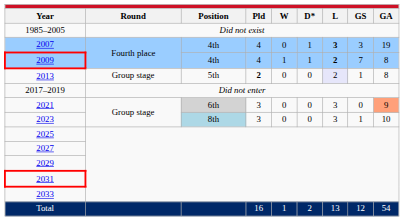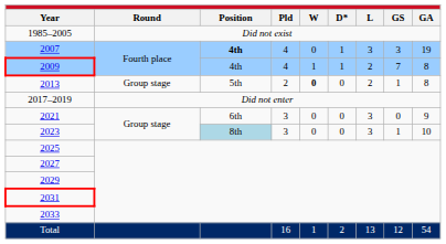 <table class="wikitable" style="text-align: center;font-size:90%;">
 <tr>
 <th colspan="9" style="background: #CE1126; color: #FFFFFF;"><a href='#'></a></th>
 </tr>
 <tr>
 <th width=125>Year</th>
 <th width=150>Round</th>
 <th width=100>Position</th>
 <th width=35>Pld</th>
 <th width=35>W</th>
 <th width=35>D*</th>
 <th width=35>L</th>
 <th width=35>GS</th>
 <th width=35>GA</th>
 </tr>
 <tr>
 <td>1985–2005</td>
 <td colspan="8"><em>Did not exist</em></td>
 </tr>
 <tr style="background:#9acdff;">
 <td> <a href='#'>2007</a></td>
 <td rowspan=2>Fourth place</td>
-<td>4th</td>
+<td><strong>4th</strong></td>
 <td>4</td>
 <td>0</td>
 <td>1</td>
-<td><strong>3</strong></td>
+<td>3</td>
 <td>3</td>
 <td>19</td>
 </tr>
 <tr style="background:#9acdff;">
 <td style="border:3px solid red;"> <a href='#'>2009</a></td>
 <td>4th</td>
 <td>4</td>
 <td>1</td>
 <td>1</td>
-<td><strong>2</strong></td>
+<td>2</td>
 <td>7</td>
 <td>8</td>
 </tr>
 <tr>
 <td> <a href='#'>2013</a></td>
 <td>Group stage</td>
 <td>5th</td>
-<td><strong>2</strong></td>
+<td>2</td>
+<td><strong>0</strong></td>
 <td>0</td>
-<td>0</td>
-<td style="background: lavender;">2</td>
+<td>2</td>
 <td>1</td>
 <td>8</td>
 </tr>
 <tr>
 <td>2017–2019</td>
 <td colspan="8"><em>Did not enter</em></td>
 </tr>
 <tr>
 <td> <a href='#'>2021</a></td>
 <td rowspan=2>Group stage</td>
-<td style="background: lightgrey;">6th</td>
+<td>6th</td>
 <td>3</td>
 <td>0</td>
 <td>0</td>
 <td>3</td>
 <td>0</td>
-<td style="background: lightsalmon;">9</td>
+<td>9</td>
 </tr>
 <tr>
 <td> <a href='#'>2023</a></td>
 <td style="background: lightblue;">8th</td>
 <td>3</td>
 <td>0</td>
 <td>0</td>
 <td>3</td>
 <td>1</td>
 <td>10</td>
 </tr>
 <tr>
 <td> <a href='#'>2025</a></td>
 <td rowspan=5 colspan="8"></td>
 </tr>
 <tr>
 <td> <a href='#'>2027</a></td>
 </tr>
 <tr>
 <td> <a href='#'>2029</a></td>
 </tr>
 <tr>
 <td style="border:3px solid red;"> <a href='#'>2031</a></td>
 </tr>
 <tr>
 <td> <a href='#'>2033</a></td>
 </tr>
 <tr>
 <td colspan=1 style="background: #002868; color: #FFFFFF;">Total</td>
 <td style="background: #002868; color: #FFFFFF;"></td>
 <td style="background: #002868; color: #FFFFFF;"></td>
 <td style="background: #002868; color: #FFFFFF;">16</td>
 <td style="background: #002868; color: #FFFFFF;">1</td>
 <td style="background: #002868; color: #FFFFFF;">2</td>
 <td style="background: #002868; color: #FFFFFF;">13</td>
 <td style="background: #002868; color: #FFFFFF;">12</td>
 <td style="background: #002868; color: #FFFFFF;">54</td>
 </tr>
 </table>
